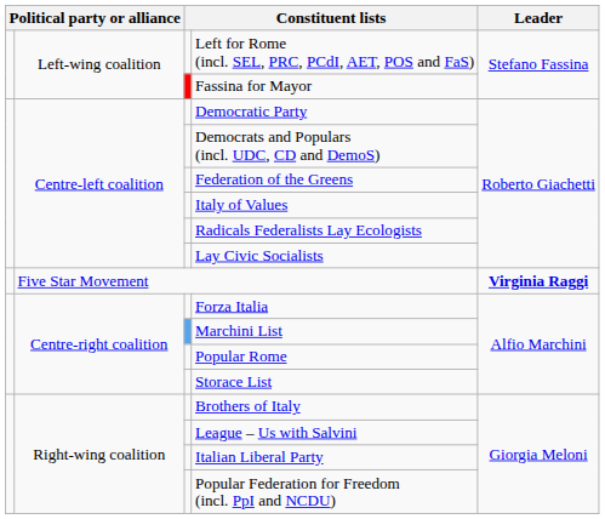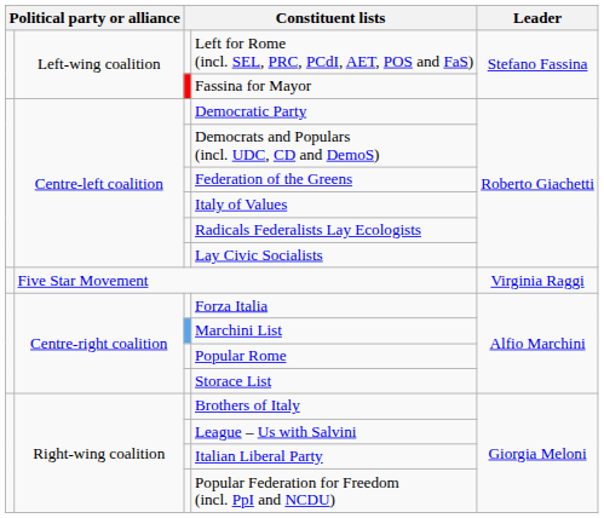 <table class="wikitable">
 <tr>
 <th colspan=2>Political party or alliance</th>
 <th colspan=2>Constituent lists</th>
 <th>Leader</th>
 </tr>
 <tr>
 <td rowspan=2 style="background-color:"></td>
 <td rowspan=2 style="text-align:center;">Left-wing coalition</td>
 <td></td>
 <td>Left for Rome <br>(incl. <a href='#'>SEL</a>, <a href='#'>PRC</a>, <a href='#'>PCdI</a>, <a href='#'>AET</a>, <a href='#'>POS</a> and <a href='#'>FaS</a>)</td>
 <td rowspan=2 style="text-align:center;"><a href='#'>Stefano Fassina</a></td>
 </tr>
 <tr>
 <td bgcolor="red"></td>
 <td>Fassina for Mayor</td>
 </tr>
 <tr>
 <td rowspan=6 style="background-color:"></td>
 <td rowspan=6 style="text-align:center;"><a href='#'>Centre-left coalition</a></td>
 <td></td>
 <td><a href='#'>Democratic Party</a></td>
 <td rowspan=6 style="text-align:center;"><a href='#'>Roberto Giachetti</a></td>
 </tr>
 <tr>
 <td></td>
 <td>Democrats and Populars <br>(incl. <a href='#'>UDC</a>, <a href='#'>CD</a> and <a href='#'>DemoS</a>)</td>
 </tr>
 <tr>
 <td></td>
 <td><a href='#'>Federation of the Greens</a></td>
 </tr>
 <tr>
 <td></td>
 <td><a href='#'>Italy of Values</a></td>
 </tr>
 <tr>
 <td></td>
 <td><a href='#'>Radicals Federalists Lay Ecologists</a></td>
 </tr>
 <tr>
 <td></td>
 <td><a href='#'>Lay Civic Socialists</a></td>
 </tr>
 <tr>
 <td style="background-color:"></td>
 <td colspan=3 style="text-align:left;"><a href='#'>Five Star Movement</a></td>
-<td style="text-align:center;"><strong><a href='#'>Virginia Raggi</a></strong></td>
+<td style="text-align:center;"><a href='#'>Virginia Raggi</a></td>
 </tr>
 <tr>
 <td rowspan=4 style="background-color:"></td>
 <td rowspan=4 style="text-align:center;"><a href='#'>Centre-right coalition</a></td>
 <td></td>
 <td><a href='#'>Forza Italia</a></td>
 <td rowspan=4 style="text-align:center;"><a href='#'>Alfio Marchini</a></td>
 </tr>
 <tr>
 <td bgcolor="#56A5EC"></td>
 <td><a href='#'>Marchini List</a></td>
 </tr>
 <tr>
 <td></td>
 <td><a href='#'>Popular Rome</a></td>
 </tr>
 <tr>
 <td></td>
 <td><a href='#'>Storace List</a></td>
 </tr>
 <tr>
 <td rowspan=4 style="background:"></td>
 <td rowspan=4 style="text-align:center;">Right-wing coalition</td>
 <td></td>
 <td><a href='#'>Brothers of Italy</a></td>
 <td rowspan=4 style="text-align:center;"><a href='#'>Giorgia Meloni</a></td>
 </tr>
 <tr>
 <td></td>
 <td><a href='#'>League</a> – <a href='#'>Us with Salvini</a></td>
 </tr>
 <tr>
 <td></td>
 <td><a href='#'>Italian Liberal Party</a></td>
 </tr>
 <tr>
 <td></td>
 <td>Popular Federation for Freedom <br>(incl. <a href='#'>PpI</a> and <a href='#'>NCDU</a>)</td>
 </tr>
 </table>
